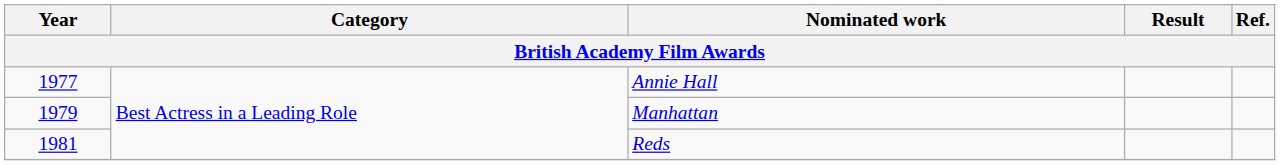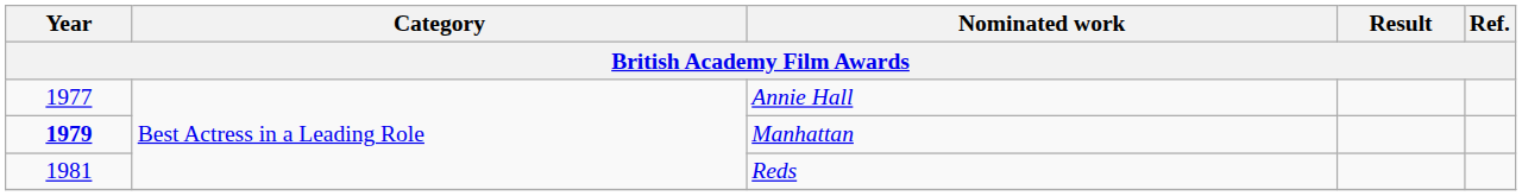 <table class=wikitable>
 <tr>
 <th scope="col" style="width:5em;">Year</th>
 <th scope="col" style="width:26em;">Category</th>
 <th scope="col" style="width:25em;">Nominated work</th>
 <th scope="col" style="width:5em;">Result</th>
 <th>Ref.</th>
 </tr>
 <tr>
 <th colspan=5><a href='#'>British Academy Film Awards</a></th>
 </tr>
 <tr>
 <td style="text-align:center;"><a href='#'>1977</a></td>
 <td rowspan="3"><a href='#'>Best Actress in a Leading Role</a></td>
 <td><em><a href='#'>Annie Hall</a></em></td>
 <td></td>
 <td style="text-align:center;"></td>
 </tr>
 <tr>
-<td style="text-align:center;"><a href='#'>1979</a></td>
+<td style="text-align:center;"><strong><a href='#'>1979</a></strong></td>
 <td><em><a href='#'>Manhattan</a></em></td>
 <td></td>
 <td style="text-align:center;"></td>
 </tr>
 <tr>
 <td style="text-align:center;"><a href='#'>1981</a></td>
 <td><em><a href='#'>Reds</a></em></td>
 <td></td>
 <td style="text-align:center;"></td>
 </tr>
 <tr>
 </tr>
 </table>
